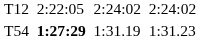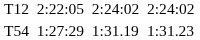 <table>
 <tr>
 <td>T12<br></td>
 <td></td>
 <td>2:22:05</td>
 <td></td>
 <td>2:24:02</td>
 <td></td>
 <td>2:24:02</td>
 </tr>
 <tr>
 <td>T54<br></td>
 <td></td>
-<td><strong>1:27:29</strong></td>
+<td>1:27:29</td>
 <td></td>
 <td>1:31.19</td>
 <td></td>
 <td>1:31.23</td>
 </tr>
 </table>
